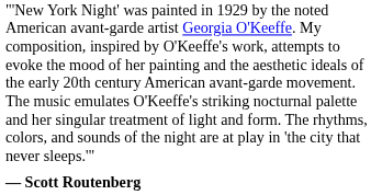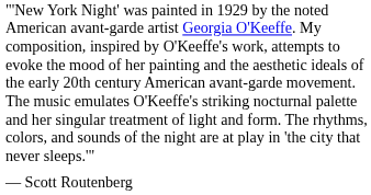 <table class="toccolours" style="float: right; margin-left: 1em; margin-right: 2em; font-size: 85%; background:offwhite; color:black; width:25em; max-width: 40%;" cellspacing="5">
 <tr>
 <td style="text-align: left;">"'New York Night' was painted in 1929 by the noted American avant-garde artist <a href='#'>Georgia O'Keeffe</a>. My composition, inspired by O'Keeffe's work, attempts to evoke the mood of her painting and the aesthetic ideals of the early 20th century American avant-garde movement. The music emulates O'Keeffe's striking nocturnal palette and her singular treatment of light and form. The rhythms, colors, and sounds of the night are at play in 'the city that never sleeps.'"</td>
 </tr>
 <tr>
-<td style="text-align: left;"><strong>— Scott Routenberg</strong></td>
+<td style="text-align: left;">— Scott Routenberg</td>
 </tr>
 </table>
